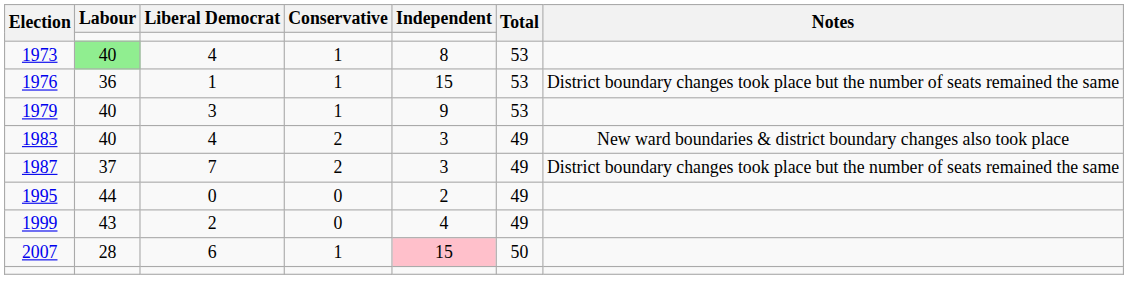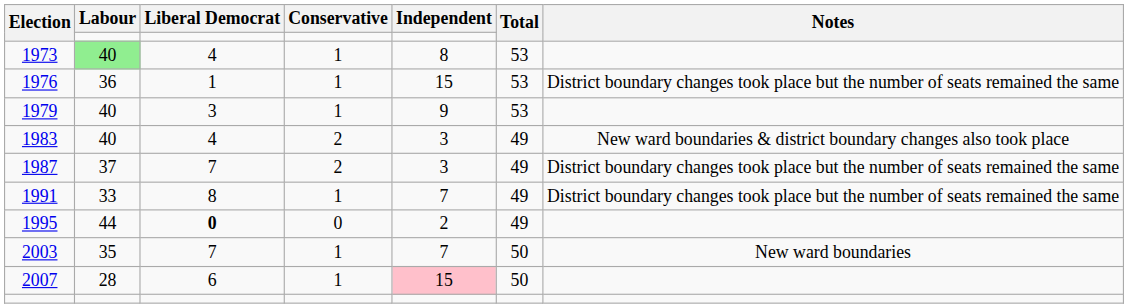 <table class="wikitable" style="text-align: center">
 <tr>
 <th rowspan="2">Election</th>
 <th>Labour</th>
 <th>Liberal Democrat</th>
 <th>Conservative</th>
 <th>Independent</th>
 <th rowspan="2">Total</th>
 <th rowspan="2">Notes</th>
 </tr>
 <tr>
 <td style="background-color: "></td>
 <td style="background-color: "></td>
 <td style="background-color: "></td>
 <td style="background-color: "></td>
 </tr>
 <tr>
 <td><a href='#'>1973</a></td>
 <td style="background: lightgreen;">40</td>
 <td>4</td>
 <td>1</td>
 <td>8</td>
 <td>53</td>
 <td></td>
 </tr>
 <tr>
 <td><a href='#'>1976</a></td>
 <td>36</td>
 <td>1</td>
 <td>1</td>
 <td>15</td>
 <td>53</td>
 <td>District boundary changes took place but the number of seats remained the same</td>
 </tr>
 <tr>
 <td><a href='#'>1979</a></td>
 <td>40</td>
 <td>3</td>
 <td>1</td>
 <td>9</td>
 <td>53</td>
 <td></td>
 </tr>
 <tr>
 <td><a href='#'>1983</a></td>
 <td>40</td>
 <td>4</td>
 <td>2</td>
 <td>3</td>
 <td>49</td>
 <td>New ward boundaries & district boundary changes also took place</td>
 </tr>
 <tr>
 <td><a href='#'>1987</a></td>
 <td>37</td>
 <td>7</td>
 <td>2</td>
 <td>3</td>
 <td>49</td>
 <td>District boundary changes took place but the number of seats remained the same</td>
 </tr>
 <tr>
+<td><a href='#'>1991</a></td>
+<td>33</td>
+<td>8</td>
+<td>1</td>
+<td>7</td>
+<td>49</td>
+<td>District boundary changes took place but the number of seats remained the same</td>
+</tr>
+<tr>
 <td><a href='#'>1995</a></td>
 <td>44</td>
-<td>0</td>
+<td><strong>0</strong></td>
 <td>0</td>
 <td>2</td>
 <td>49</td>
 <td></td>
 </tr>
 <tr>
-<td><a href='#'>1999</a></td>
-<td>43</td>
-<td>2</td>
-<td>0</td>
-<td>4</td>
-<td>49</td>
-<td></td>
+<td><a href='#'>2003</a></td>
+<td>35</td>
+<td>7</td>
+<td>1</td>
+<td>7</td>
+<td>50</td>
+<td>New ward boundaries</td>
 </tr>
 <tr>
 <td><a href='#'>2007</a></td>
 <td>28</td>
 <td>6</td>
 <td>1</td>
 <td style="background: pink;">15</td>
 <td>50</td>
 <td></td>
 </tr>
 <tr>
 <td></td>
 <td style="background-color: "></td>
 <td style="background-color: "></td>
 <td style="background-color: "></td>
 <td style="background-color: "></td>
 <td></td>
 <td></td>
 </tr>
 </table>
